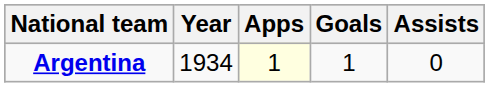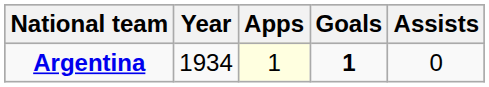 <table class="wikitable" style="font-size:90%; text-align: center;">
 <tr>
 <th>National team</th>
 <th>Year</th>
 <th>Apps</th>
 <th>Goals</th>
 <th>Assists</th>
 </tr>
 <tr>
 <td rowspan=7><strong><a href='#'>Argentina</a></strong></td>
 <td>1934</td>
 <td style="background: lightyellow;">1</td>
-<td>1</td>
+<td><strong>1</strong></td>
 <td>0</td>
 </tr>
 </table>
